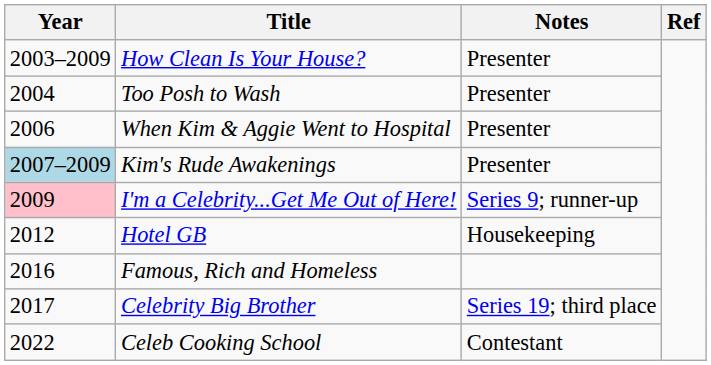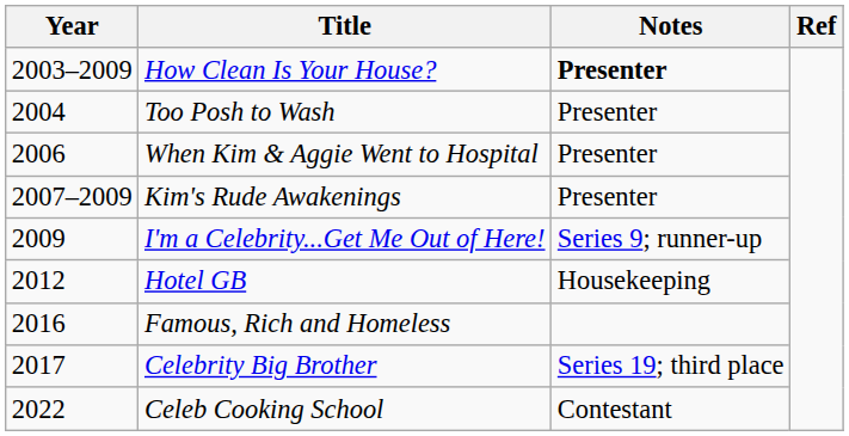 <table class="wikitable sortable">
 <tr>
 <th>Year</th>
 <th>Title</th>
 <th class="unsortable">Notes</th>
 <th>Ref</th>
 </tr>
 <tr>
 <td>2003–2009</td>
 <td><em><a href='#'>How Clean Is Your House?</a></em></td>
-<td>Presenter</td>
+<td><strong>Presenter</strong></td>
 <td rowspan="9"></td>
 </tr>
 <tr>
 <td>2004</td>
 <td><em>Too Posh to Wash</em></td>
 <td>Presenter</td>
 </tr>
 <tr>
 <td>2006</td>
 <td><em>When Kim & Aggie Went to Hospital</em></td>
 <td>Presenter</td>
 </tr>
 <tr>
-<td style="background: lightblue;">2007–2009</td>
+<td>2007–2009</td>
 <td><em>Kim's Rude Awakenings</em></td>
 <td>Presenter</td>
 </tr>
 <tr>
-<td style="background: pink;">2009</td>
+<td>2009</td>
 <td><em><a href='#'>I'm a Celebrity...Get Me Out of Here!</a></em></td>
 <td><a href='#'>Series 9</a>; runner-up</td>
 </tr>
 <tr>
 <td>2012</td>
 <td><em><a href='#'>Hotel GB</a></em></td>
 <td>Housekeeping</td>
 </tr>
 <tr>
 <td>2016</td>
 <td><em>Famous, Rich and Homeless</em></td>
 <td></td>
 </tr>
 <tr>
 <td>2017</td>
 <td><em><a href='#'>Celebrity Big Brother</a></em></td>
 <td><a href='#'>Series 19</a>; third place</td>
 </tr>
 <tr>
 <td>2022</td>
 <td><em>Celeb Cooking School</em></td>
 <td>Contestant</td>
 </tr>
 </table>
